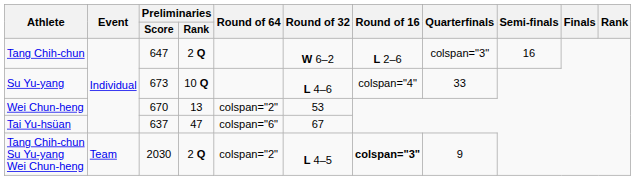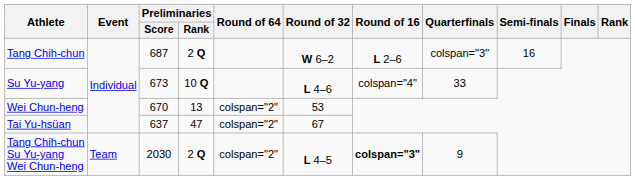 <table class="wikitable" style="font-size:90%; text-align:center">
 <tr>
 <th rowspan="2">Athlete</th>
 <th rowspan="2">Event</th>
 <th colspan="2">Preliminaries</th>
 <th rowspan="2">Round of 64</th>
 <th rowspan="2">Round of 32</th>
 <th rowspan="2">Round of 16</th>
 <th rowspan="2">Quarterfinals</th>
 <th rowspan="2">Semi-finals</th>
 <th rowspan="2">Finals</th>
 <th rowspan="2">Rank</th>
 </tr>
 <tr style="font-size:95%">
 <th>Score</th>
 <th>Rank</th>
 </tr>
 <tr>
 <td align="left"><a href='#'>Tang Chih-chun</a></td>
 <td align="left" rowspan="4"><a href='#'>Individual</a></td>
-<td>647</td>
+<td>687</td>
 <td>2 <strong>Q</strong></td>
 <td></td>
 <td><br><strong>W</strong> 6–2</td>
 <td><br><strong>L</strong> 2–6</td>
 <td>colspan="3" </td>
 <td>16</td>
 </tr>
 <tr>
 <td align="left"><a href='#'>Su Yu-yang</a></td>
 <td>673</td>
 <td>10 <strong>Q</strong></td>
 <td></td>
 <td><br><strong>L</strong> 4–6</td>
 <td>colspan="4" </td>
 <td>33</td>
 </tr>
 <tr>
 <td align="left"><a href='#'>Wei Chun-heng</a></td>
 <td>670</td>
 <td>13</td>
 <td>colspan="2" </td>
 <td>53</td>
 </tr>
 <tr>
 <td align="left"><a href='#'>Tai Yu-hsüan</a></td>
 <td>637</td>
 <td>47</td>
-<td>colspan="6" </td>
+<td>colspan="2" </td>
 <td>67</td>
 </tr>
 <tr>
 <td align="left"><a href='#'>Tang Chih-chun</a><br><a href='#'>Su Yu-yang</a><br><a href='#'>Wei Chun-heng</a></td>
 <td align="left"><a href='#'>Team</a></td>
 <td>2030</td>
 <td>2 <strong>Q</strong></td>
 <td>colspan="2" </td>
 <td><br><strong>L</strong> 4–5</td>
 <td><strong>colspan="3" </strong></td>
 <td>9</td>
 </tr>
 </table>
